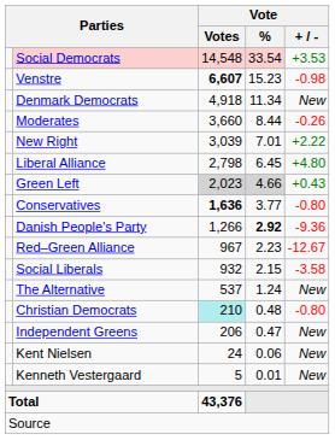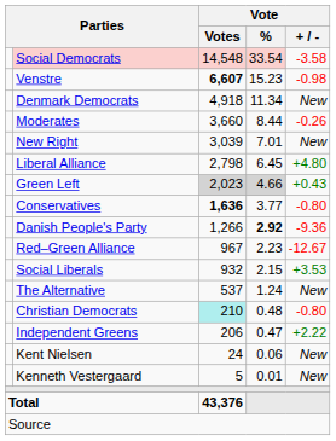 <table class="wikitable" style="text-align:right;">
 <tr>
 <th style="text-align:centre;" rowspan="2" colspan="2" width="225">Parties</th>
 <th colspan="3">Vote</th>
 </tr>
 <tr>
 <th width="15">Votes</th>
 <th width="15">%</th>
 <th width="15">+ / -</th>
 </tr>
 <tr>
 <td width="2" style="color:inherit;background:"></td>
 <td bgcolor=#fbd0ce  align="left"><a href='#'>Social Democrats</a></td>
 <td bgcolor=#fbd0ce>14,548</td>
 <td bgcolor=#fbd0ce>33.54</td>
-<td style=color:green;>+3.53</td>
+<td style=color:red;>-3.58</td>
 </tr>
 <tr>
 <td width="2" style="color:inherit;background:"></td>
 <td align="left"><a href='#'>Venstre</a></td>
 <td><strong>6,607</strong></td>
 <td>15.23</td>
 <td style=color:red;>-0.98</td>
 </tr>
 <tr>
 <td width="2" style="color:inherit;background:"></td>
 <td align="left"><a href='#'>Denmark Democrats</a></td>
 <td>4,918</td>
 <td>11.34</td>
 <td><em>New</em></td>
 </tr>
 <tr>
 <td width="2" style="color:inherit;background:"></td>
 <td align="left"><a href='#'>Moderates</a></td>
 <td>3,660</td>
 <td>8.44</td>
 <td style=color:red;>-0.26</td>
 </tr>
 <tr>
 <td width="2" style="color:inherit;background:"></td>
 <td align="left"><a href='#'>New Right</a></td>
 <td>3,039</td>
 <td>7.01</td>
-<td style=color:green;>+2.22</td>
+<td><em>New</em></td>
 </tr>
 <tr>
 <td width="2" style="color:inherit;background:"></td>
 <td align="left"><a href='#'>Liberal Alliance</a></td>
 <td>2,798</td>
 <td>6.45</td>
 <td style=color:green;>+4.80</td>
 </tr>
 <tr>
 <td width="2" style="color:inherit;background:"></td>
 <td align="left"><a href='#'>Green Left</a></td>
 <td style="background: lightgrey;">2,023</td>
 <td style="background: lightgrey;">4.66</td>
 <td style=color:green;>+0.43</td>
 </tr>
 <tr>
 <td width="2" style="color:inherit;background:"></td>
 <td align="left"><a href='#'>Conservatives</a></td>
 <td><strong>1,636</strong></td>
 <td>3.77</td>
 <td style=color:red;>-0.80</td>
 </tr>
 <tr>
 <td width="2" style="color:inherit;background:"></td>
 <td align="left"><a href='#'>Danish People's Party</a></td>
 <td>1,266</td>
 <td><strong>2.92</strong></td>
 <td style=color:red;>-9.36</td>
 </tr>
 <tr>
 <td width="2" style="color:inherit;background:"></td>
 <td align="left"><a href='#'>Red–Green Alliance</a></td>
 <td>967</td>
 <td>2.23</td>
 <td style=color:red;>-12.67</td>
 </tr>
 <tr>
 <td width="2" style="color:inherit;background:"></td>
 <td align="left"><a href='#'>Social Liberals</a></td>
 <td>932</td>
 <td>2.15</td>
-<td style=color:red;>-3.58</td>
+<td style=color:green;>+3.53</td>
 </tr>
 <tr>
 <td width="2" style="color:inherit;background:"></td>
 <td align="left"><a href='#'>The Alternative</a></td>
 <td>537</td>
 <td>1.24</td>
 <td><em>New</em></td>
 </tr>
 <tr>
 <td width="2" style="color:inherit;background:"></td>
 <td align="left"><a href='#'>Christian Democrats</a></td>
 <td style="background: paleturquoise;">210</td>
 <td>0.48</td>
 <td style=color:red;>-0.80</td>
 </tr>
 <tr>
 <td width="2" style="color:inherit;background:"></td>
 <td align="left"><a href='#'>Independent Greens</a></td>
 <td>206</td>
 <td>0.47</td>
-<td><em>New</em></td>
+<td style=color:green;>+2.22</td>
 </tr>
 <tr>
 <td width="2" style="color:inherit;background:"></td>
 <td align="left">Kent Nielsen</td>
 <td>24</td>
 <td>0.06</td>
 <td><em>New</em></td>
 </tr>
 <tr>
 <td width="2" style="color:inherit;background:"></td>
 <td align="left">Kenneth Vestergaard</td>
 <td>5</td>
 <td>0.01</td>
 <td><em>New</em></td>
 </tr>
 <tr>
 <td colspan="7" bgcolor="#E9E9E9"></td>
 </tr>
 <tr>
 <td align="left" colspan="2"><strong>Total</strong></td>
 <td><strong>43,376</strong></td>
 <td bgcolor="#E9E9E9" colspan="2"></td>
 </tr>
 <tr>
 <td align="left" colspan="6">Source</td>
 </tr>
 </table>
